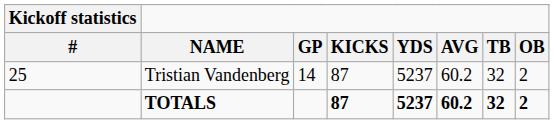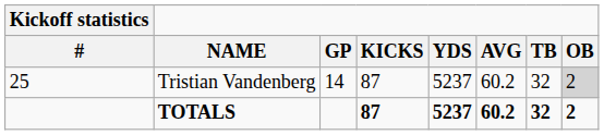 <table class="wikitable collapsible">
 <tr>
 <th style="text-align:center; ">Kickoff statistics</th>
 </tr>
 <tr>
 <th>#</th>
 <th>NAME</th>
 <th>GP</th>
 <th>KICKS</th>
 <th>YDS</th>
 <th>AVG</th>
 <th>TB</th>
 <th>OB</th>
 </tr>
 <tr>
 <td>25</td>
 <td>Tristian Vandenberg</td>
 <td>14</td>
 <td>87</td>
 <td>5237</td>
 <td>60.2</td>
 <td>32</td>
-<td>2</td>
+<td style="background: lightgrey;">2</td>
 </tr>
 <tr>
 <td></td>
 <td><strong>TOTALS</strong></td>
 <td></td>
 <td><strong>87</strong></td>
 <td><strong>5237</strong></td>
 <td><strong>60.2</strong></td>
 <td><strong>32</strong></td>
 <td><strong>2</strong></td>
 </tr>
 </table>
